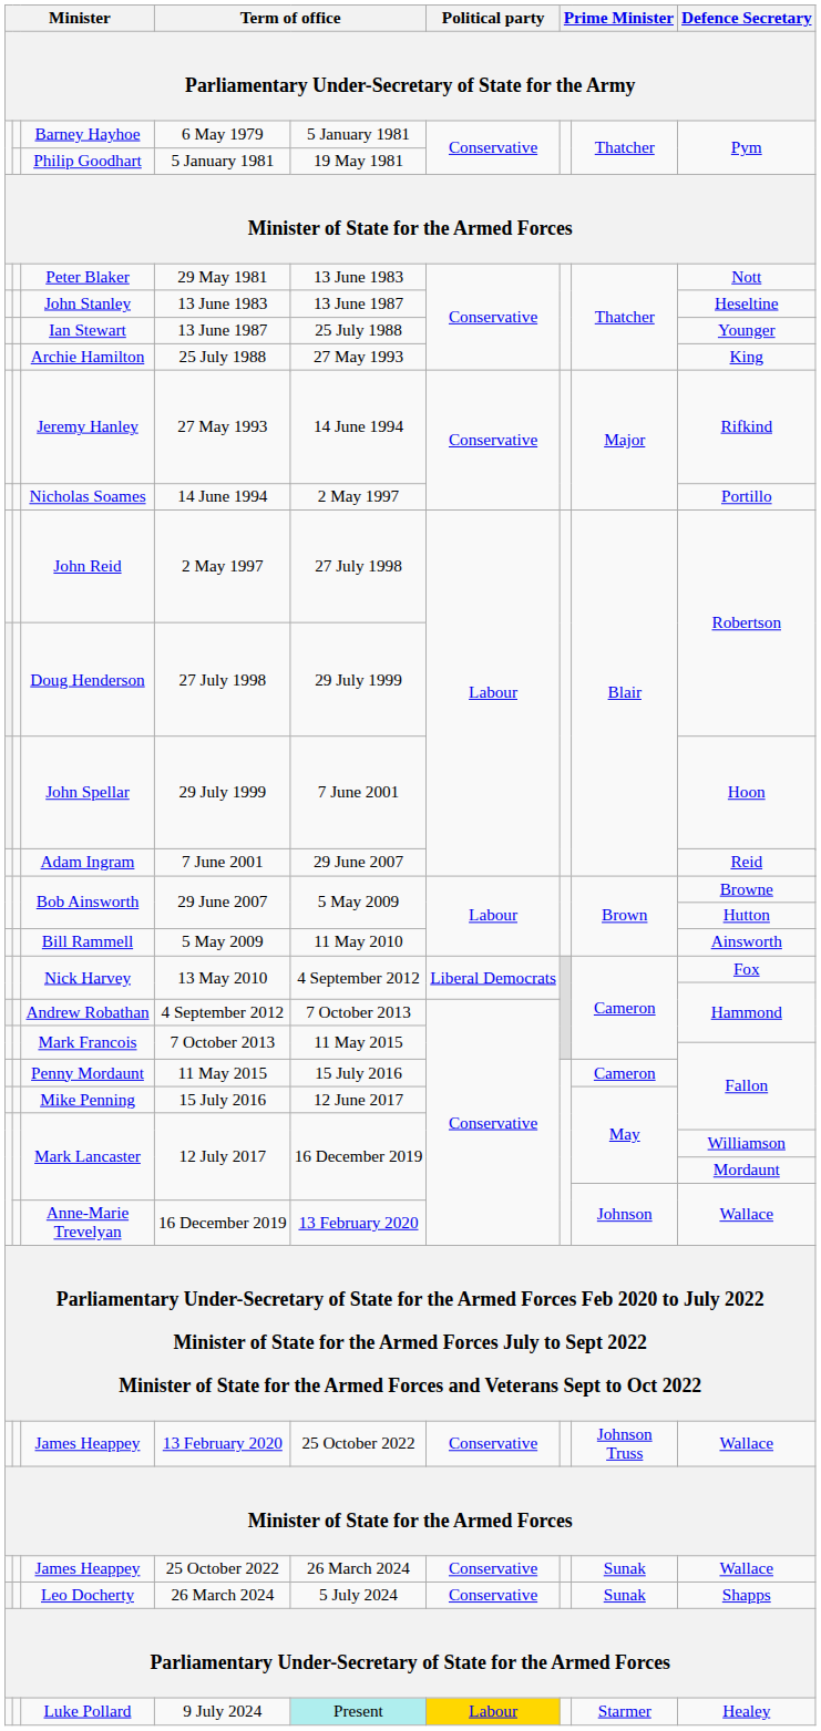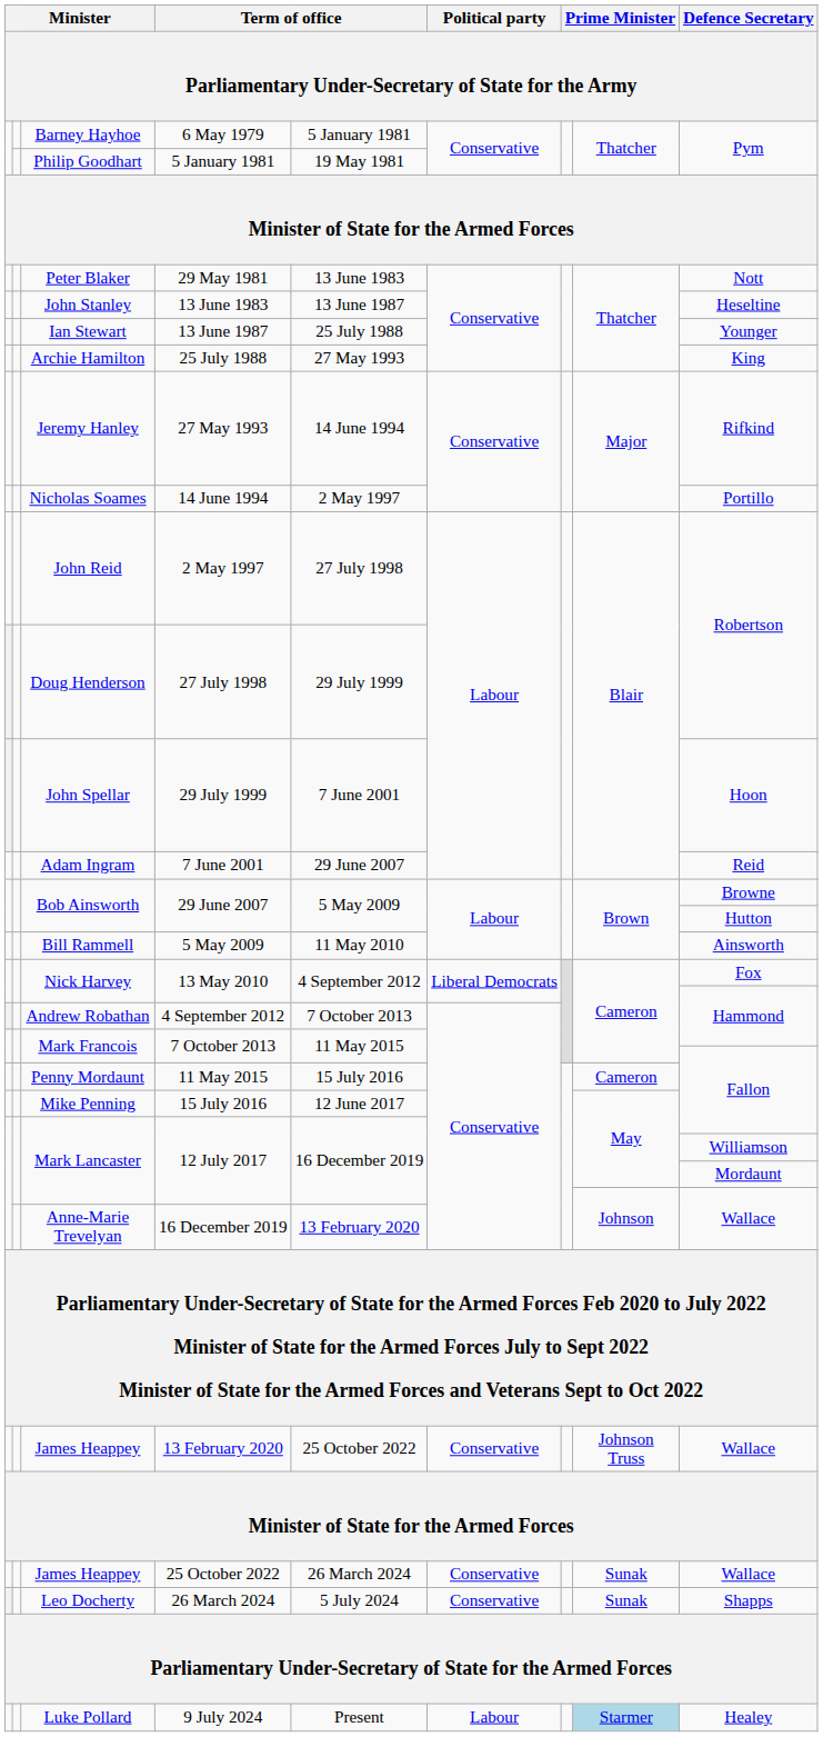 <table class="wikitable" style="text-align:center">
 <tr>
 <th colspan=3>Minister</th>
 <th colspan=2>Term of office</th>
 <th>Political party</th>
 <th colspan=2><a href='#'>Prime Minister</a></th>
 <th><a href='#'>Defence Secretary</a></th>
 </tr>
 <tr>
 <th colspan=9><br><h3>Parliamentary Under-Secretary of State for the Army</h3></th>
 </tr>
 <tr>
 <td rowspan=2 style="background-color: "></td>
 <td></td>
 <td><a href='#'>Barney Hayhoe</a></td>
 <td>6 May 1979</td>
 <td>5 January 1981</td>
 <td rowspan=2><a href='#'>Conservative</a></td>
 <td rowspan=2 style="background-color: "></td>
 <td rowspan=2><a href='#'>Thatcher</a></td>
 <td rowspan=2><a href='#'>Pym</a></td>
 </tr>
 <tr>
 <td></td>
 <td><a href='#'>Philip Goodhart</a></td>
 <td>5 January 1981</td>
 <td>19 May 1981</td>
 </tr>
 <tr>
 <th colspan=9><br><h3>Minister of State for the Armed Forces</h3></th>
 </tr>
 <tr>
 <td rowspan=2 style="background-color: "></td>
 <td rowspan=2></td>
 <td rowspan=2><a href='#'>Peter Blaker</a></td>
 <td rowspan=2>29 May 1981</td>
 <td rowspan=2>13 June 1983</td>
 <td rowspan=7><a href='#'>Conservative</a></td>
 <td rowspan=7 style="background-color: "></td>
 <td rowspan=7><a href='#'>Thatcher</a></td>
 <td><a href='#'>Nott</a></td>
 </tr>
 <tr>
 <td rowspan=2><a href='#'>Heseltine</a></td>
 </tr>
 <tr>
 <td rowspan=2 style="background-color: "></td>
 <td rowspan=2></td>
 <td rowspan=2><a href='#'>John Stanley</a></td>
 <td rowspan=2>13 June 1983</td>
 <td rowspan=2>13 June 1987</td>
 </tr>
 <tr>
 <td rowspan=3><a href='#'>Younger</a></td>
 </tr>
 <tr>
 <td style="background-color: "></td>
 <td></td>
 <td><a href='#'>Ian Stewart</a></td>
 <td>13 June 1987</td>
 <td>25 July 1988</td>
 </tr>
 <tr>
 <td rowspan=3 style="background-color: "></td>
 <td rowspan=3></td>
 <td rowspan=3><a href='#'>Archie Hamilton</a></td>
 <td rowspan=3>25 July 1988</td>
 <td rowspan=3>27 May 1993</td>
 </tr>
 <tr>
 <td><a href='#'>King</a></td>
 </tr>
 <tr>
 <td rowspan=4><a href='#'>Conservative</a></td>
 <td rowspan=4 style="background-color: "></td>
 <td rowspan=4><a href='#'>Major</a></td>
 <td rowspan=3><a href='#'>Rifkind</a></td>
 </tr>
 <tr>
 <td style="background-color: "></td>
 <td></td>
 <td height=100 width=120><a href='#'>Jeremy Hanley</a></td>
 <td>27 May 1993</td>
 <td>14 June 1994</td>
 </tr>
 <tr>
 <td rowspan=2 style="background-color: "></td>
 <td rowspan=2></td>
 <td rowspan=2><a href='#'>Nicholas Soames</a></td>
 <td rowspan=2>14 June 1994</td>
 <td rowspan=2>2 May 1997</td>
 </tr>
 <tr>
 <td><a href='#'>Portillo</a></td>
 </tr>
 <tr>
 <td style="background-color: "></td>
 <td></td>
 <td height=100 width=120><a href='#'>John Reid</a></td>
 <td>2 May 1997</td>
 <td>27 July 1998</td>
 <td rowspan=6><a href='#'>Labour</a></td>
 <td rowspan=6 style="background-color: "></td>
 <td rowspan=6><a href='#'>Blair</a></td>
 <td rowspan=2><a href='#'>Robertson</a></td>
 </tr>
 <tr>
 <th style="background-color: "></th>
 <td></td>
 <td height=100 width=120><a href='#'>Doug Henderson</a></td>
 <td>27 July 1998</td>
 <td>29 July 1999</td>
 </tr>
 <tr>
 <th style="background-color: "></th>
 <td></td>
 <td height=100 width=120><a href='#'>John Spellar</a></td>
 <td>29 July 1999</td>
 <td>7 June 2001</td>
 <td rowspan=2><a href='#'>Hoon</a></td>
 </tr>
 <tr>
 <td rowspan=3 style="background-color: "></td>
 <td rowspan=3></td>
 <td rowspan=3><a href='#'>Adam Ingram</a></td>
 <td rowspan=3>7 June 2001</td>
 <td rowspan=3>29 June 2007</td>
 </tr>
 <tr>
 <td><a href='#'>Reid</a></td>
 </tr>
 <tr>
 <td rowspan=2><a href='#'>Browne</a></td>
 </tr>
 <tr>
 <td rowspan=2 style="background-color: "></td>
 <td rowspan=2></td>
 <td rowspan=2><a href='#'>Bob Ainsworth</a></td>
 <td rowspan=2>29 June 2007</td>
 <td rowspan=2>5 May 2009</td>
 <td rowspan=3><a href='#'>Labour</a></td>
 <td rowspan=3 style="background-color: "></td>
 <td rowspan=3><a href='#'>Brown</a></td>
 </tr>
 <tr>
 <td><a href='#'>Hutton</a></td>
 </tr>
 <tr>
 <td style="background-color: "></td>
 <td></td>
 <td><a href='#'>Bill Rammell</a></td>
 <td>5 May 2009</td>
 <td>11 May 2010</td>
 <td><a href='#'>Ainsworth</a></td>
 </tr>
 <tr>
 <td rowspan=2 style="background-color: "></td>
 <td rowspan=2></td>
 <td rowspan=2><a href='#'>Nick Harvey</a></td>
 <td rowspan=2>13 May 2010</td>
 <td rowspan=2>4 September 2012</td>
 <td rowspan=2><a href='#'>Liberal Democrats</a></td>
 <td rowspan=5 style="background-color:#DDD"></td>
 <td rowspan=5><a href='#'>Cameron</a><br></td>
 <td><a href='#'>Fox</a></td>
 </tr>
 <tr style="height:1em">
 <td rowspan=3><a href='#'>Hammond</a></td>
 </tr>
 <tr style="height:1em">
 <th style="background-color: "></th>
 <td></td>
 <td><a href='#'>Andrew Robathan</a></td>
 <td>4 September 2012</td>
 <td>7 October 2013</td>
 <td rowspan=10><a href='#'>Conservative</a></td>
 </tr>
 <tr style="height:1em">
 <td rowspan=2 style="background-color: "></td>
 <td rowspan=2></td>
 <td rowspan=2><a href='#'>Mark Francois</a></td>
 <td rowspan=2>7 October 2013</td>
 <td rowspan=2>11 May 2015</td>
 </tr>
 <tr style="height:1em">
 <td rowspan=4><a href='#'>Fallon</a></td>
 </tr>
 <tr style="height:1em">
 <td style="background-color: "></td>
 <td></td>
 <td><a href='#'>Penny Mordaunt</a></td>
 <td>11 May 2015</td>
 <td>15 July 2016</td>
 <td rowspan=7 style="background-color: "></td>
 <td><a href='#'>Cameron</a><br></td>
 </tr>
 <tr style="height:1em">
 <td style="background-color: "></td>
 <td></td>
 <td><a href='#'>Mike Penning</a></td>
 <td>15 July 2016</td>
 <td>12 June 2017</td>
 <td rowspan=4><a href='#'>May</a></td>
 </tr>
 <tr style="height:1em">
 <td rowspan=5 style="background-color: "></td>
 <td rowspan=4></td>
 <td rowspan=4><a href='#'>Mark Lancaster</a></td>
 <td rowspan=4>12 July 2017</td>
 <td rowspan=4>16 December 2019</td>
 </tr>
 <tr style="height:1em">
 <td><a href='#'>Williamson</a></td>
 </tr>
 <tr style="height:1em">
 <td><a href='#'>Mordaunt</a></td>
 </tr>
 <tr style="height:1em">
 <td rowspan=2><a href='#'>Johnson</a></td>
 <td rowspan=2><a href='#'>Wallace</a></td>
 </tr>
 <tr style="height:1em">
 <td></td>
 <td><a href='#'>Anne-Marie Trevelyan</a></td>
 <td>16 December 2019</td>
 <td><a href='#'>13 February 2020</a></td>
 </tr>
 <tr style="height:1em">
 <th colspan=99><br><h3>Parliamentary Under-Secretary of State for the Armed Forces Feb 2020 to July 2022</h3><h3>Minister of State for the Armed Forces July to Sept 2022</h3><h3>Minister of State for the Armed Forces and Veterans Sept to Oct 2022</h3></th>
 </tr>
 <tr style="height:1em">
 <td style="background-color:"></td>
 <td></td>
 <td><a href='#'>James Heappey</a></td>
 <td><a href='#'>13 February 2020</a></td>
 <td>25 October 2022</td>
 <td><a href='#'>Conservative</a></td>
 <td style="background-color:"></td>
 <td><a href='#'>Johnson</a> <br> <a href='#'>Truss</a></td>
 <td><a href='#'>Wallace</a></td>
 </tr>
 <tr>
 <th colspan=9><br><h3>Minister of State for the Armed Forces</h3></th>
 </tr>
 <tr style="height:1em">
 <td style="background-color:"></td>
 <td></td>
 <td><a href='#'>James Heappey</a></td>
 <td>25 October 2022</td>
 <td>26 March 2024</td>
 <td><a href='#'>Conservative</a></td>
 <td style="background-color:"></td>
 <td><a href='#'>Sunak</a></td>
 <td><a href='#'>Wallace</a></td>
 </tr>
 <tr style="height:1em">
 <th style="background-color:"></th>
 <td></td>
 <td><a href='#'>Leo Docherty</a></td>
 <td>26 March 2024</td>
 <td>5 July 2024</td>
 <td><a href='#'>Conservative</a></td>
 <td style="background-color:"></td>
 <td><a href='#'>Sunak</a></td>
 <td><a href='#'>Shapps</a></td>
 </tr>
 <tr>
 <th colspan=9><br><h3>Parliamentary Under-Secretary of State for the Armed Forces</h3></th>
 </tr>
 <tr style="height:1em">
 <td style="background-color:"></td>
 <td></td>
 <td><a href='#'>Luke Pollard</a></td>
 <td>9 July 2024</td>
-<td style="background: paleturquoise;">Present</td>
-<td style="background: gold;"><a href='#'>Labour</a></td>
+<td>Present</td>
+<td><a href='#'>Labour</a></td>
 <td style="background-color:"></td>
-<td><a href='#'>Starmer</a></td>
+<td style="background: lightblue;"><a href='#'>Starmer</a></td>
 <td><a href='#'>Healey</a></td>
 </tr>
 </table>
